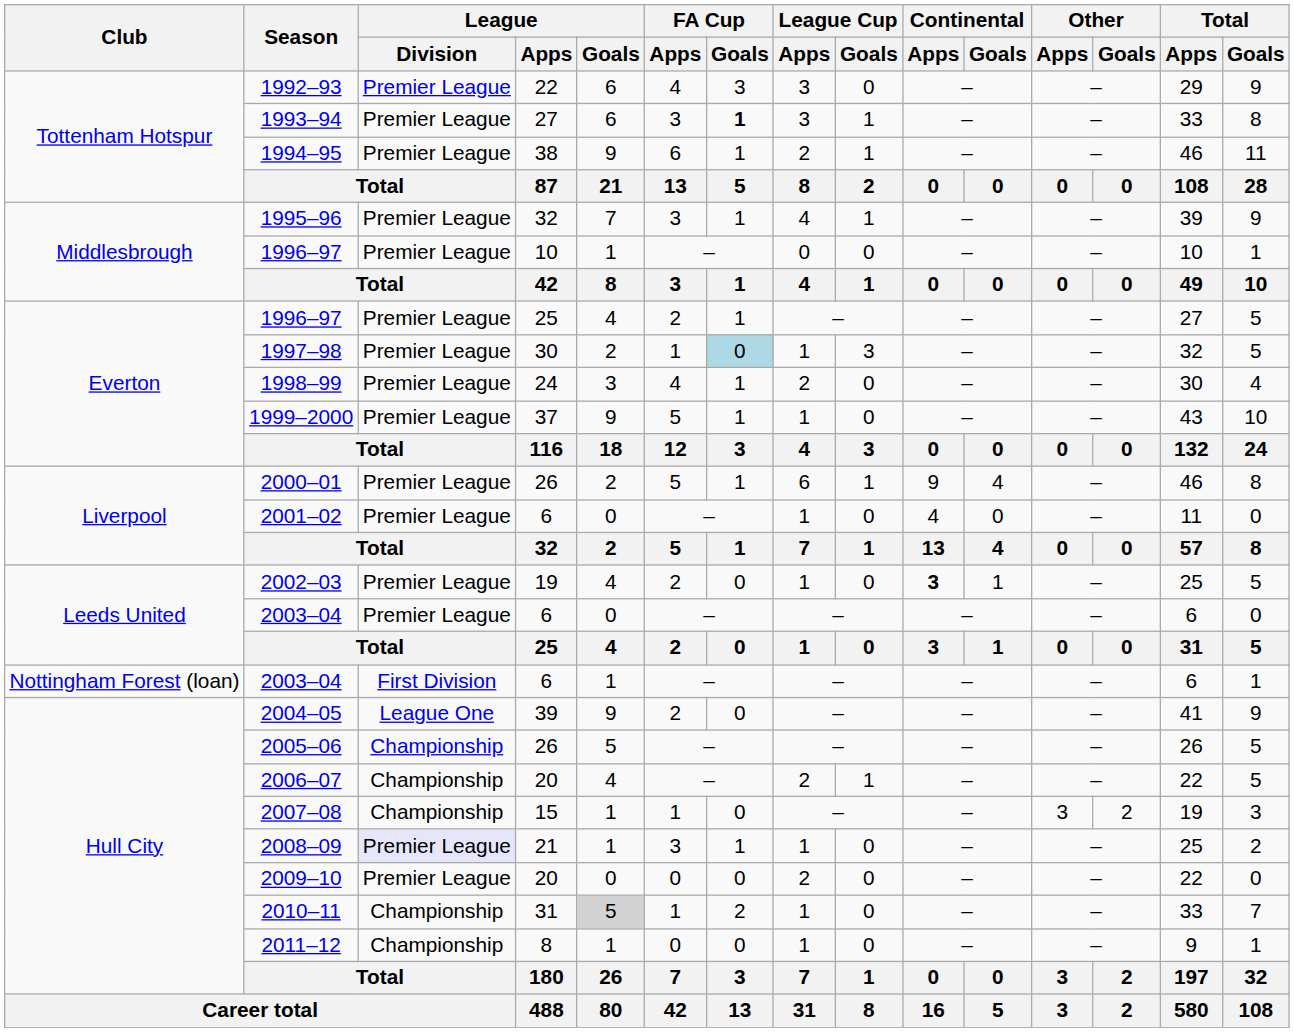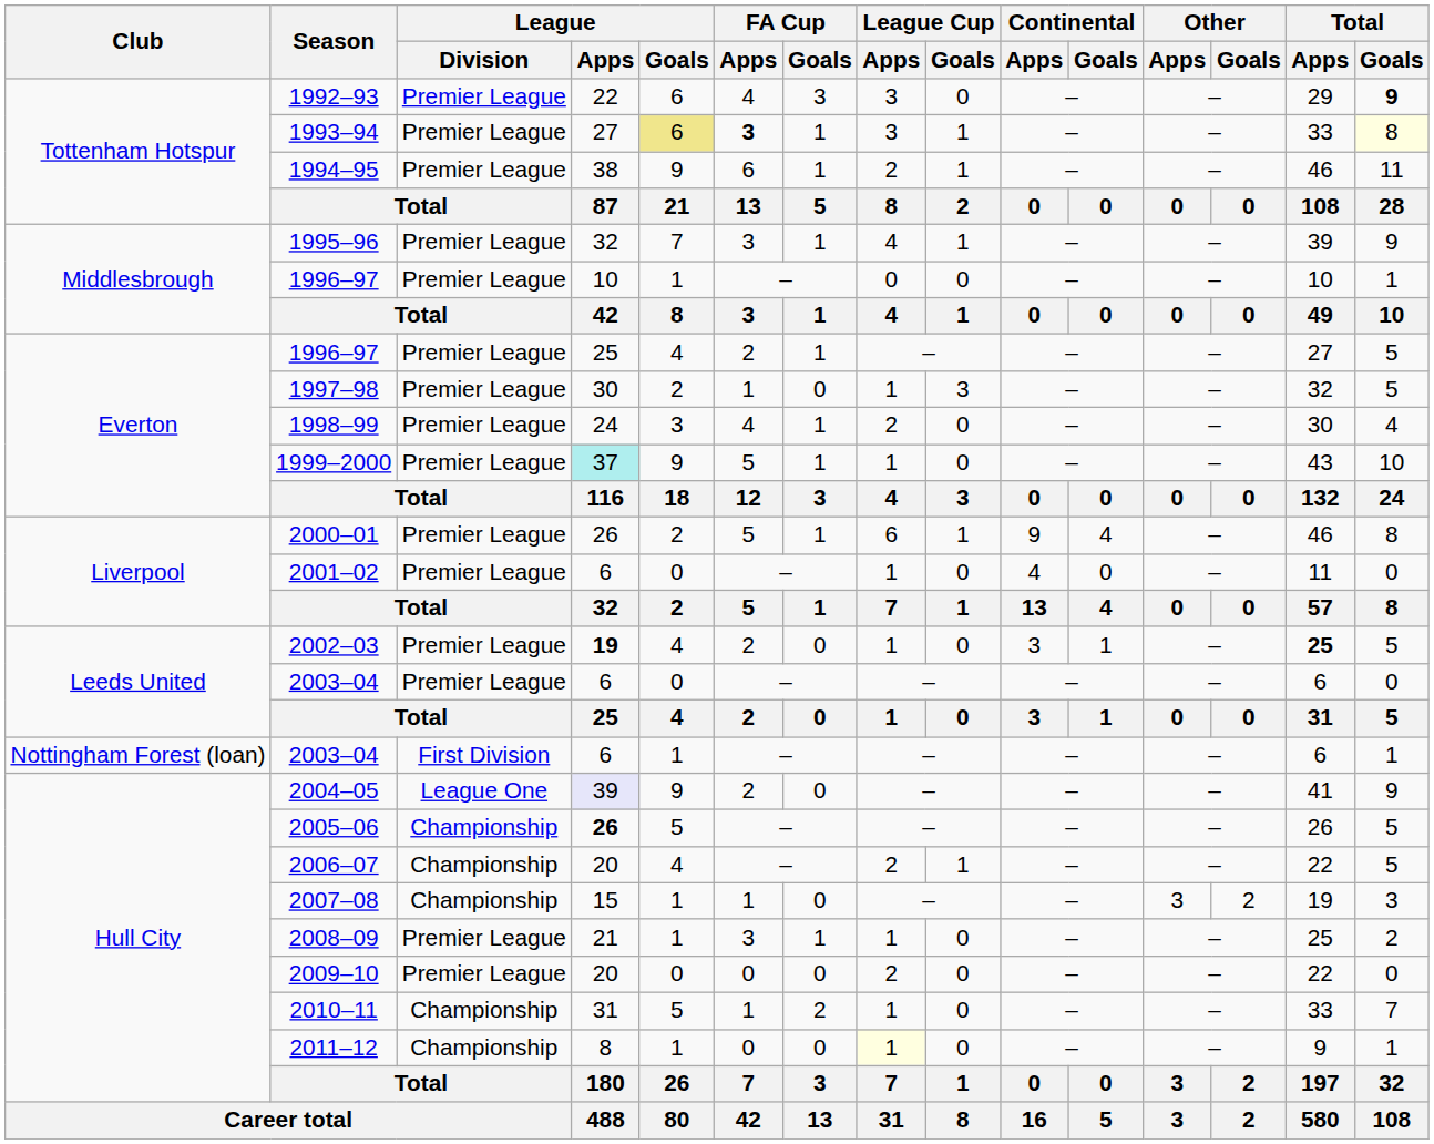 <table class="wikitable" style="text-align: center;">
 <tr>
 <th rowspan="2">Club</th>
 <th rowspan="2">Season</th>
 <th colspan="3">League</th>
 <th colspan="2">FA Cup</th>
 <th colspan="2">League Cup</th>
 <th colspan="2">Continental</th>
 <th colspan="2">Other</th>
 <th colspan="2">Total</th>
 </tr>
 <tr>
 <th>Division</th>
 <th>Apps</th>
 <th>Goals</th>
 <th>Apps</th>
 <th>Goals</th>
 <th>Apps</th>
 <th>Goals</th>
 <th>Apps</th>
 <th>Goals</th>
 <th>Apps</th>
 <th>Goals</th>
 <th>Apps</th>
 <th>Goals</th>
 </tr>
 <tr>
 <td rowspan="4"><a href='#'>Tottenham Hotspur</a></td>
 <td><a href='#'>1992–93</a></td>
 <td><a href='#'>Premier League</a></td>
 <td>22</td>
 <td>6</td>
 <td>4</td>
 <td>3</td>
 <td>3</td>
 <td>0</td>
 <td colspan="2">–</td>
 <td colspan="2">–</td>
 <td>29</td>
-<td>9</td>
+<td><strong>9</strong></td>
 </tr>
 <tr>
 <td><a href='#'>1993–94</a></td>
 <td>Premier League</td>
 <td>27</td>
-<td>6</td>
-<td>3</td>
-<td><strong>1</strong></td>
+<td style="background: khaki;">6</td>
+<td><strong>3</strong></td>
+<td>1</td>
 <td>3</td>
 <td>1</td>
 <td colspan="2">–</td>
 <td colspan="2">–</td>
 <td>33</td>
-<td>8</td>
+<td style="background: lightyellow;">8</td>
 </tr>
 <tr>
 <td><a href='#'>1994–95</a></td>
 <td>Premier League</td>
 <td>38</td>
 <td>9</td>
 <td>6</td>
 <td>1</td>
 <td>2</td>
 <td>1</td>
 <td colspan="2">–</td>
 <td colspan="2">–</td>
 <td>46</td>
 <td>11</td>
 </tr>
 <tr>
 <th colspan="2">Total</th>
 <th>87</th>
 <th>21</th>
 <th>13</th>
 <th>5</th>
 <th>8</th>
 <th>2</th>
 <th>0</th>
 <th>0</th>
 <th>0</th>
 <th>0</th>
 <th>108</th>
 <th>28</th>
 </tr>
 <tr>
 <td rowspan="3"><a href='#'>Middlesbrough</a></td>
 <td><a href='#'>1995–96</a></td>
 <td>Premier League</td>
 <td>32</td>
 <td>7</td>
 <td>3</td>
 <td>1</td>
 <td>4</td>
 <td>1</td>
 <td colspan="2">–</td>
 <td colspan="2">–</td>
 <td>39</td>
 <td>9</td>
 </tr>
 <tr>
 <td><a href='#'>1996–97</a></td>
 <td>Premier League</td>
 <td>10</td>
 <td>1</td>
 <td colspan="2">–</td>
 <td>0</td>
 <td>0</td>
 <td colspan="2">–</td>
 <td colspan="2">–</td>
 <td>10</td>
 <td>1</td>
 </tr>
 <tr>
 <th colspan="2">Total</th>
 <th>42</th>
 <th>8</th>
 <th>3</th>
 <th>1</th>
 <th>4</th>
 <th>1</th>
 <th>0</th>
 <th>0</th>
 <th>0</th>
 <th>0</th>
 <th>49</th>
 <th>10</th>
 </tr>
 <tr>
 <td rowspan="5"><a href='#'>Everton</a></td>
 <td><a href='#'>1996–97</a></td>
 <td>Premier League</td>
 <td>25</td>
 <td>4</td>
 <td>2</td>
 <td>1</td>
 <td colspan="2">–</td>
 <td colspan="2">–</td>
 <td colspan="2">–</td>
 <td>27</td>
 <td>5</td>
 </tr>
 <tr>
 <td><a href='#'>1997–98</a></td>
 <td>Premier League</td>
 <td>30</td>
 <td>2</td>
 <td>1</td>
-<td style="background: lightblue;">0</td>
+<td>0</td>
 <td>1</td>
 <td>3</td>
 <td colspan="2">–</td>
 <td colspan="2">–</td>
 <td>32</td>
 <td>5</td>
 </tr>
 <tr>
 <td><a href='#'>1998–99</a></td>
 <td>Premier League</td>
 <td>24</td>
 <td>3</td>
 <td>4</td>
 <td>1</td>
 <td>2</td>
 <td>0</td>
 <td colspan="2">–</td>
 <td colspan="2">–</td>
 <td>30</td>
 <td>4</td>
 </tr>
 <tr>
 <td><a href='#'>1999–2000</a></td>
 <td>Premier League</td>
-<td>37</td>
+<td style="background: paleturquoise;">37</td>
 <td>9</td>
 <td>5</td>
 <td>1</td>
 <td>1</td>
 <td>0</td>
 <td colspan="2">–</td>
 <td colspan="2">–</td>
 <td>43</td>
 <td>10</td>
 </tr>
 <tr>
 <th colspan="2">Total</th>
 <th>116</th>
 <th>18</th>
 <th>12</th>
 <th>3</th>
 <th>4</th>
 <th>3</th>
 <th>0</th>
 <th>0</th>
 <th>0</th>
 <th>0</th>
 <th>132</th>
 <th>24</th>
 </tr>
 <tr>
 <td rowspan="3"><a href='#'>Liverpool</a></td>
 <td><a href='#'>2000–01</a></td>
 <td>Premier League</td>
 <td>26</td>
 <td>2</td>
 <td>5</td>
 <td>1</td>
 <td>6</td>
 <td>1</td>
 <td>9</td>
 <td>4</td>
 <td colspan="2">–</td>
 <td>46</td>
 <td>8</td>
 </tr>
 <tr>
 <td><a href='#'>2001–02</a></td>
 <td>Premier League</td>
 <td>6</td>
 <td>0</td>
 <td colspan="2">–</td>
 <td>1</td>
 <td>0</td>
 <td>4</td>
 <td>0</td>
 <td colspan="2">–</td>
 <td>11</td>
 <td>0</td>
 </tr>
 <tr>
 <th colspan="2">Total</th>
 <th>32</th>
 <th>2</th>
 <th>5</th>
 <th>1</th>
 <th>7</th>
 <th>1</th>
 <th>13</th>
 <th>4</th>
 <th>0</th>
 <th>0</th>
 <th>57</th>
 <th>8</th>
 </tr>
 <tr>
 <td rowspan="3"><a href='#'>Leeds United</a></td>
 <td><a href='#'>2002–03</a></td>
 <td>Premier League</td>
-<td>19</td>
+<td><strong>19</strong></td>
 <td>4</td>
 <td>2</td>
 <td>0</td>
 <td>1</td>
 <td>0</td>
-<td><strong>3</strong></td>
+<td>3</td>
 <td>1</td>
 <td colspan="2">–</td>
-<td>25</td>
+<td><strong>25</strong></td>
 <td>5</td>
 </tr>
 <tr>
 <td><a href='#'>2003–04</a></td>
 <td>Premier League</td>
 <td>6</td>
 <td>0</td>
 <td colspan="2">–</td>
 <td colspan="2">–</td>
 <td colspan="2">–</td>
 <td colspan="2">–</td>
 <td>6</td>
 <td>0</td>
 </tr>
 <tr>
 <th colspan="2">Total</th>
 <th>25</th>
 <th>4</th>
 <th>2</th>
 <th>0</th>
 <th>1</th>
 <th>0</th>
 <th>3</th>
 <th>1</th>
 <th>0</th>
 <th>0</th>
 <th>31</th>
 <th>5</th>
 </tr>
 <tr>
 <td><a href='#'>Nottingham Forest</a> (loan)</td>
 <td><a href='#'>2003–04</a></td>
 <td><a href='#'>First Division</a></td>
 <td>6</td>
 <td>1</td>
 <td colspan="2">–</td>
 <td colspan="2">–</td>
 <td colspan="2">–</td>
 <td colspan="2">–</td>
 <td>6</td>
 <td>1</td>
 </tr>
 <tr>
 <td rowspan="9"><a href='#'>Hull City</a></td>
 <td><a href='#'>2004–05</a></td>
 <td><a href='#'>League One</a></td>
-<td>39</td>
+<td style="background: lavender;">39</td>
 <td>9</td>
 <td>2</td>
 <td>0</td>
 <td colspan="2">–</td>
 <td colspan="2">–</td>
 <td colspan="2">–</td>
 <td>41</td>
 <td>9</td>
 </tr>
 <tr>
 <td><a href='#'>2005–06</a></td>
 <td><a href='#'>Championship</a></td>
-<td>26</td>
+<td><strong>26</strong></td>
 <td>5</td>
 <td colspan="2">–</td>
 <td colspan="2">–</td>
 <td colspan="2">–</td>
 <td colspan="2">–</td>
 <td>26</td>
 <td>5</td>
 </tr>
 <tr>
 <td><a href='#'>2006–07</a></td>
 <td>Championship</td>
 <td>20</td>
 <td>4</td>
 <td colspan="2">–</td>
 <td>2</td>
 <td>1</td>
 <td colspan="2">–</td>
 <td colspan="2">–</td>
 <td>22</td>
 <td>5</td>
 </tr>
 <tr>
 <td><a href='#'>2007–08</a></td>
 <td>Championship</td>
 <td>15</td>
 <td>1</td>
 <td>1</td>
 <td>0</td>
 <td colspan="2">–</td>
 <td colspan="2">–</td>
 <td>3</td>
 <td>2</td>
 <td>19</td>
 <td>3</td>
 </tr>
 <tr>
 <td><a href='#'>2008–09</a></td>
-<td style="background: lavender;">Premier League</td>
+<td>Premier League</td>
 <td>21</td>
 <td>1</td>
 <td>3</td>
 <td>1</td>
 <td>1</td>
 <td>0</td>
 <td colspan="2">–</td>
 <td colspan="2">–</td>
 <td>25</td>
 <td>2</td>
 </tr>
 <tr>
 <td><a href='#'>2009–10</a></td>
 <td>Premier League</td>
 <td>20</td>
 <td>0</td>
 <td>0</td>
 <td>0</td>
 <td>2</td>
 <td>0</td>
 <td colspan="2">–</td>
 <td colspan="2">–</td>
 <td>22</td>
 <td>0</td>
 </tr>
 <tr>
 <td><a href='#'>2010–11</a></td>
 <td>Championship</td>
 <td>31</td>
-<td style="background: lightgrey;">5</td>
+<td>5</td>
 <td>1</td>
 <td>2</td>
 <td>1</td>
 <td>0</td>
 <td colspan="2">–</td>
 <td colspan="2">–</td>
 <td>33</td>
 <td>7</td>
 </tr>
 <tr>
 <td><a href='#'>2011–12</a></td>
 <td>Championship</td>
 <td>8</td>
 <td>1</td>
 <td>0</td>
 <td>0</td>
-<td>1</td>
+<td style="background: lightyellow;">1</td>
 <td>0</td>
 <td colspan="2">–</td>
 <td colspan="2">–</td>
 <td>9</td>
 <td>1</td>
 </tr>
 <tr>
 <th colspan="2">Total</th>
 <th>180</th>
 <th>26</th>
 <th>7</th>
 <th>3</th>
 <th>7</th>
 <th>1</th>
 <th>0</th>
 <th>0</th>
 <th>3</th>
 <th>2</th>
 <th>197</th>
 <th>32</th>
 </tr>
 <tr>
 <th colspan="3">Career total</th>
 <th>488</th>
 <th>80</th>
 <th>42</th>
 <th>13</th>
 <th>31</th>
 <th>8</th>
 <th>16</th>
 <th>5</th>
 <th>3</th>
 <th>2</th>
 <th>580</th>
 <th>108</th>
 </tr>
 </table>
